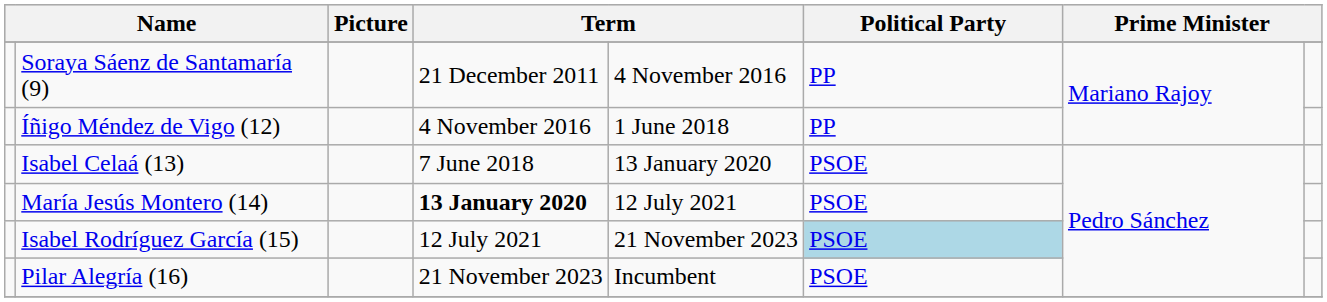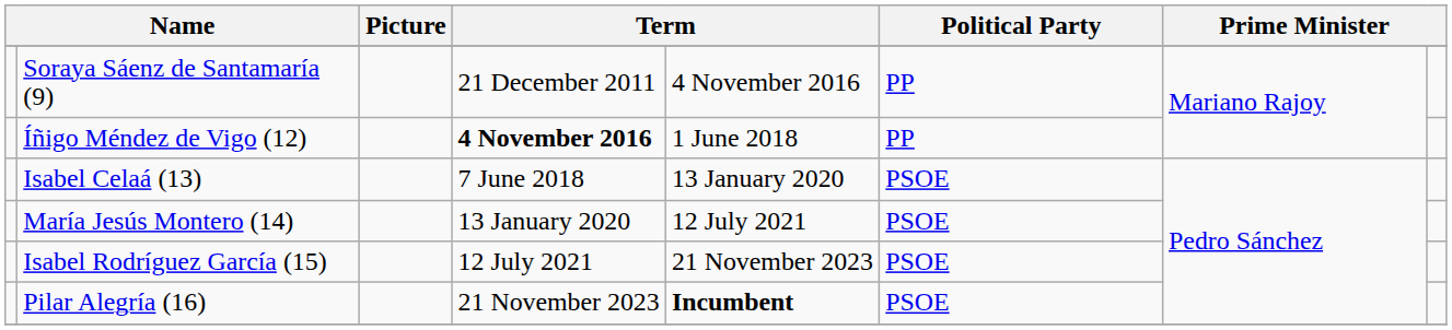 <table class="wikitable" width=70%>
 <tr style="background-color:#cccccc;">
 <th colspan=2 width=25%>Name</th>
 <th width=75>Picture</th>
 <th colspan=2 width=30%>Term</th>
 <th width=20%>Political Party</th>
 <th colspan=2 width=20%>Prime Minister</th>
 </tr>
 <tr style="background-color:#cccccc;">
 </tr>
 <tr>
 <td style="background-color: "></td>
 <td><a href='#'>Soraya Sáenz de Santamaría</a> (9)</td>
 <td></td>
 <td>21 December 2011</td>
 <td>4 November 2016</td>
 <td><a href='#'>PP</a></td>
 <td rowspan="2"><a href='#'>Mariano Rajoy</a></td>
 <td style="background-color: "></td>
 </tr>
 <tr>
 <td style="background-color: "></td>
 <td><a href='#'>Íñigo Méndez de Vigo</a> (12)</td>
 <td></td>
-<td>4 November 2016</td>
+<td><strong>4 November 2016</strong></td>
 <td>1 June 2018</td>
 <td><a href='#'>PP</a></td>
 <td style="background-color: "></td>
 </tr>
 <tr>
 <td style="background-color: "></td>
 <td><a href='#'>Isabel Celaá</a> (13)</td>
 <td></td>
 <td>7 June 2018</td>
 <td>13 January 2020</td>
 <td><a href='#'>PSOE</a></td>
 <td rowspan="4"><a href='#'>Pedro Sánchez</a></td>
 <td style="background-color: "></td>
 </tr>
 <tr>
 <td style="background-color: "></td>
 <td><a href='#'>María Jesús Montero</a> (14)</td>
 <td></td>
-<td><strong>13 January 2020</strong></td>
+<td>13 January 2020</td>
 <td>12 July 2021</td>
 <td><a href='#'>PSOE</a></td>
 <td style="background-color: "></td>
 </tr>
 <tr>
 <td style="background-color: "></td>
 <td><a href='#'>Isabel Rodríguez García</a> (15)</td>
 <td></td>
 <td>12 July 2021</td>
 <td>21 November 2023</td>
-<td style="background: lightblue;"><a href='#'>PSOE</a></td>
+<td><a href='#'>PSOE</a></td>
 <td style="background-color: "></td>
 </tr>
 <tr>
 <td style="background-color: "></td>
 <td><a href='#'>Pilar Alegría</a> (16)</td>
 <td></td>
 <td>21 November 2023</td>
-<td>Incumbent</td>
+<td><strong>Incumbent</strong></td>
 <td><a href='#'>PSOE</a></td>
 <td style="background-color: "></td>
 </tr>
 <tr>
 </tr>
 </table>
